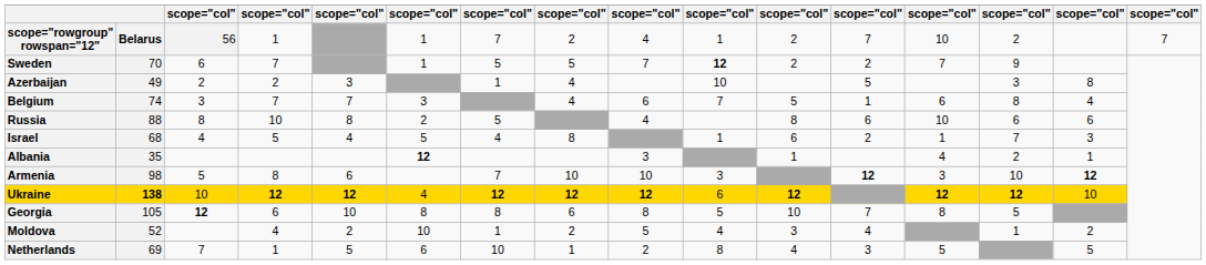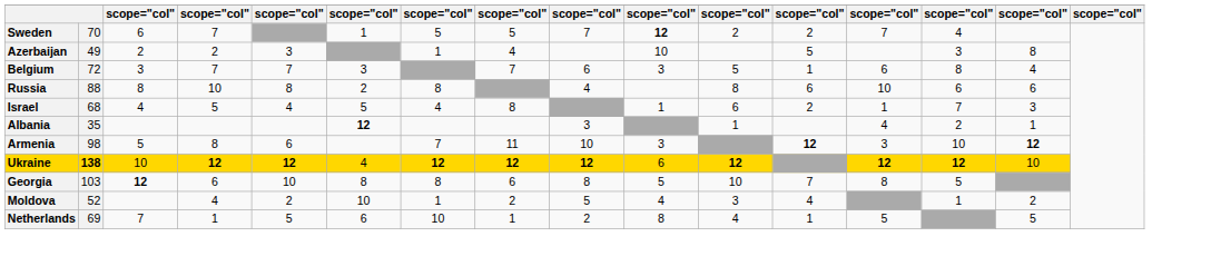 <table class="wikitable plainrowheaders" style="text-align:center;">
 <tr>
 </tr>
 <tr>
 <th colspan="2"></th>
 <th>scope="col" </th>
 <th>scope="col" </th>
 <th>scope="col" </th>
 <th>scope="col" </th>
 <th>scope="col" </th>
 <th>scope="col" </th>
 <th>scope="col" </th>
 <th>scope="col" </th>
 <th>scope="col" </th>
 <th>scope="col" </th>
 <th>scope="col" </th>
 <th>scope="col" </th>
 <th>scope="col" </th>
 <th>scope="col" </th>
 </tr>
 <tr>
-<th>scope="rowgroup" rowspan="12" </th>
-<th scope="row" style="text-align:left; background:#f2f2f2;">Belarus</th>
-<td style="text-align:right; background:#f2f2f2;">56</td>
-<td>1</td>
-<td style="text-align:left; background:#aaa;"></td>
-<td>1</td>
-<td>7</td>
-<td>2</td>
-<td>4</td>
-<td>1</td>
-<td>2</td>
-<td>7</td>
-<td>10</td>
-<td>2</td>
-<td></td>
-<td>7</td>
-</tr>
-<tr>
 <th scope="row" style="text-align:left; background:#f2f2f2;">Sweden</th>
 <td style="text-align:right; background:#f2f2f2;">70</td>
 <td>6</td>
 <td>7</td>
 <td style="text-align:left; background:#aaa;"></td>
 <td>1</td>
 <td>5</td>
 <td>5</td>
 <td>7</td>
 <td><strong>12</strong></td>
 <td>2</td>
 <td>2</td>
 <td>7</td>
-<td>9</td>
+<td>4</td>
 <td></td>
 </tr>
 <tr>
 <th scope="row" style="text-align:left; background:#f2f2f2;">Azerbaijan</th>
 <td style="text-align:right; background:#f2f2f2;">49</td>
 <td>2</td>
 <td>2</td>
 <td>3</td>
 <td style="text-align:left; background:#aaa;"></td>
 <td>1</td>
 <td>4</td>
 <td></td>
 <td>10</td>
 <td></td>
 <td>5</td>
 <td></td>
 <td>3</td>
 <td>8</td>
 </tr>
 <tr>
 <th scope="row" style="text-align:left; background:#f2f2f2;">Belgium</th>
-<td style="text-align:right; background:#f2f2f2;">74</td>
+<td style="text-align:right; background:#f2f2f2;">72</td>
 <td>3</td>
 <td>7</td>
 <td>7</td>
 <td>3</td>
 <td style="text-align:left; background:#aaa;"></td>
-<td>4</td>
+<td>7</td>
 <td>6</td>
-<td>7</td>
+<td>3</td>
 <td>5</td>
 <td>1</td>
 <td>6</td>
 <td>8</td>
 <td>4</td>
 </tr>
 <tr>
 <th scope="row" style="text-align:left; background:#f2f2f2;">Russia</th>
 <td style="text-align:right; background:#f2f2f2;">88</td>
 <td>8</td>
 <td>10</td>
 <td>8</td>
 <td>2</td>
-<td>5</td>
+<td>8</td>
 <td style="text-align:left; background:#aaa;"></td>
 <td>4</td>
 <td></td>
 <td>8</td>
 <td>6</td>
 <td>10</td>
 <td>6</td>
 <td>6</td>
 </tr>
 <tr>
 <th scope="row" style="text-align:left; background:#f2f2f2;">Israel</th>
 <td style="text-align:right; background:#f2f2f2;">68</td>
 <td>4</td>
 <td>5</td>
 <td>4</td>
 <td>5</td>
 <td>4</td>
 <td>8</td>
 <td style="text-align:left; background:#aaa;"></td>
 <td>1</td>
 <td>6</td>
 <td>2</td>
 <td>1</td>
 <td>7</td>
 <td>3</td>
 </tr>
 <tr>
 <th scope="row" style="text-align:left; background:#f2f2f2;">Albania</th>
 <td style="text-align:right; background:#f2f2f2;">35</td>
 <td></td>
 <td></td>
 <td></td>
 <td><strong>12</strong></td>
 <td></td>
 <td></td>
 <td>3</td>
 <td style="text-align:left; background:#aaa;"></td>
 <td>1</td>
 <td></td>
 <td>4</td>
 <td>2</td>
 <td>1</td>
 </tr>
 <tr>
 <th scope="row" style="text-align:left; background:#f2f2f2;">Armenia</th>
 <td style="text-align:right; background:#f2f2f2;">98</td>
 <td>5</td>
 <td>8</td>
 <td>6</td>
 <td></td>
 <td>7</td>
-<td>10</td>
+<td>11</td>
 <td>10</td>
 <td>3</td>
 <td style="text-align:left; background:#aaa;"></td>
 <td><strong>12</strong></td>
 <td>3</td>
 <td>10</td>
 <td><strong>12</strong></td>
 </tr>
 <tr style="background:gold;">
 <th scope="row" style="text-align:left; font-weight:bold; background:gold;">Ukraine</th>
 <td style="text-align:right; font-weight:bold;">138</td>
 <td>10</td>
 <td><strong>12</strong></td>
 <td><strong>12</strong></td>
 <td>4</td>
 <td><strong>12</strong></td>
 <td><strong>12</strong></td>
 <td><strong>12</strong></td>
 <td>6</td>
 <td><strong>12</strong></td>
 <td style="text-align:left; background:#aaa;"></td>
 <td><strong>12</strong></td>
 <td><strong>12</strong></td>
 <td>10</td>
 </tr>
 <tr>
 <th scope="row" style="text-align:left; background:#f2f2f2;">Georgia</th>
-<td style="text-align:right; background:#f2f2f2;">105</td>
+<td style="text-align:right; background:#f2f2f2;">103</td>
 <td><strong>12</strong></td>
 <td>6</td>
 <td>10</td>
 <td>8</td>
 <td>8</td>
 <td>6</td>
 <td>8</td>
 <td>5</td>
 <td>10</td>
 <td>7</td>
 <td>8</td>
 <td>5</td>
 <td style="text-align:left; background:#aaa;"></td>
 </tr>
 <tr>
 <th scope="row" style="text-align:left; background:#f2f2f2;">Moldova</th>
 <td style="text-align:right; background:#f2f2f2;">52</td>
 <td></td>
 <td>4</td>
 <td>2</td>
 <td>10</td>
 <td>1</td>
 <td>2</td>
 <td>5</td>
 <td>4</td>
 <td>3</td>
 <td>4</td>
 <td style="text-align:left; background:#aaa;"></td>
 <td>1</td>
 <td>2</td>
 </tr>
 <tr>
 <th scope="row" style="text-align:left; background:#f2f2f2;">Netherlands</th>
 <td style="text-align:right; background:#f2f2f2;">69</td>
 <td>7</td>
 <td>1</td>
 <td>5</td>
 <td>6</td>
 <td>10</td>
 <td>1</td>
 <td>2</td>
 <td>8</td>
 <td>4</td>
-<td>3</td>
+<td>1</td>
 <td>5</td>
 <td style="text-align:left; background:#aaa;"></td>
 <td>5</td>
 </tr>
 </table>
